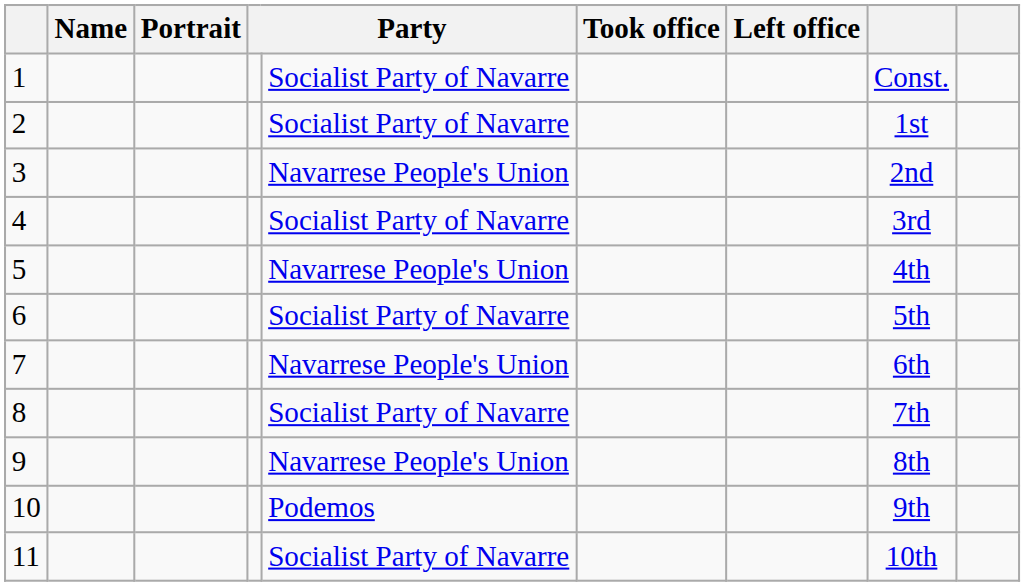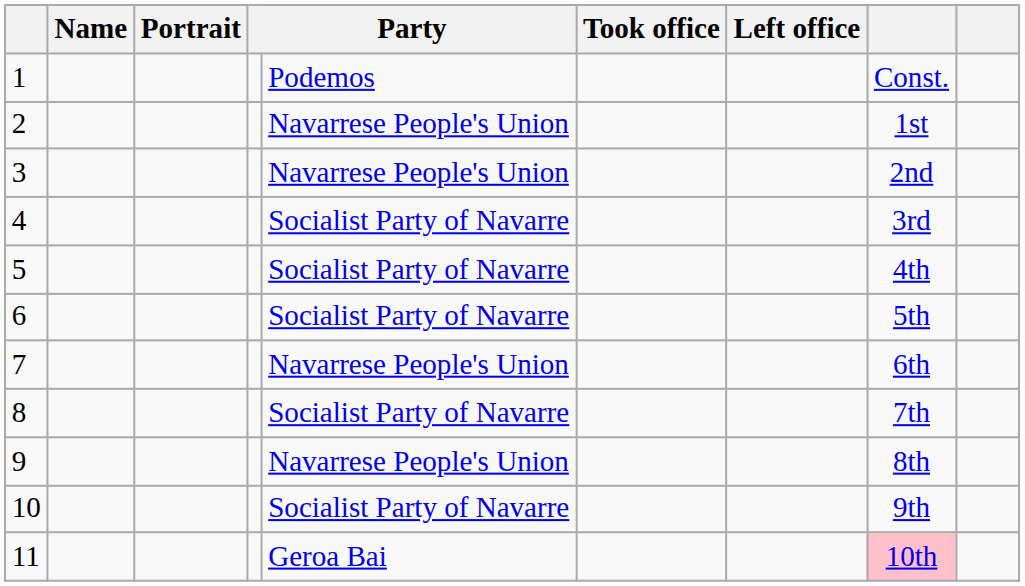 <table class="wikitable plainrowheaders sortable" style="font-size:90%; text-align:left;">
 <tr>
 <th scope=col></th>
 <th scope=col>Name</th>
 <th scope=col class=unsortable>Portrait</th>
 <th scope=col colspan="2">Party</th>
 <th scope=col>Took office</th>
 <th scope=col>Left office</th>
 <th scope=col></th>
 <th scope=col width=25px class=unsortable></th>
 </tr>
 <tr>
 <td>1</td>
 <td style="white-space: nowrap;"></td>
 <td align=center></td>
 <td !align="center" style="background:"></td>
-<td><a href='#'>Socialist Party of Navarre</a></td>
+<td><a href='#'>Podemos</a></td>
 <td align=center></td>
 <td align=center></td>
 <td align=center><a href='#'>Const.</a></td>
 <td align=center></td>
 </tr>
 <tr>
 <td>2</td>
 <td style="white-space: nowrap;"></td>
 <td align=center></td>
 <td !align="center" style="background:"></td>
-<td><a href='#'>Socialist Party of Navarre</a></td>
+<td><a href='#'>Navarrese People's Union</a></td>
 <td align=center></td>
 <td align=center></td>
 <td align=center><a href='#'>1st</a></td>
 <td align=center></td>
 </tr>
 <tr>
 <td>3</td>
 <td style="white-space: nowrap;"></td>
 <td align=center></td>
 <td !align="center" style="background:"></td>
 <td><a href='#'>Navarrese People's Union</a></td>
 <td align=center></td>
 <td align=center></td>
 <td align=center><a href='#'>2nd</a></td>
 <td align=center></td>
 </tr>
 <tr>
 <td>4</td>
 <td style="white-space: nowrap;"></td>
 <td align=center></td>
 <td !align="center" style="background:"></td>
 <td><a href='#'>Socialist Party of Navarre</a></td>
 <td align=center></td>
 <td align=center></td>
 <td align=center><a href='#'>3rd</a></td>
 <td align=center></td>
 </tr>
 <tr>
 <td>5</td>
 <td style="white-space: nowrap;"></td>
 <td align=center></td>
 <td !align="center" style="background:"></td>
-<td><a href='#'>Navarrese People's Union</a></td>
+<td><a href='#'>Socialist Party of Navarre</a></td>
 <td align=center></td>
 <td align=center></td>
 <td align=center><a href='#'>4th</a></td>
 <td align=center></td>
 </tr>
 <tr>
 <td>6</td>
 <td style="white-space: nowrap;"></td>
 <td align=center></td>
 <td !align="center" style="background:"></td>
 <td><a href='#'>Socialist Party of Navarre</a></td>
 <td align=center></td>
 <td align=center></td>
 <td align=center><a href='#'>5th</a></td>
 <td align=center></td>
 </tr>
 <tr>
 <td>7</td>
 <td style="white-space: nowrap;"></td>
 <td align=center></td>
 <td !align="center" style="background:"></td>
 <td><a href='#'>Navarrese People's Union</a></td>
 <td align=center></td>
 <td align=center></td>
 <td align=center><a href='#'>6th</a></td>
 <td align=center></td>
 </tr>
 <tr>
 <td>8</td>
 <td style="white-space: nowrap;"></td>
 <td align=center></td>
 <td !align="center" style="background:"></td>
 <td><a href='#'>Socialist Party of Navarre</a></td>
 <td align=center></td>
 <td align=center></td>
 <td align=center><a href='#'>7th</a></td>
 <td align=center></td>
 </tr>
 <tr>
 <td>9</td>
 <td style="white-space: nowrap;"></td>
 <td align=center></td>
 <td !align="center" style="background:"></td>
 <td><a href='#'>Navarrese People's Union</a></td>
 <td align=center></td>
 <td align=center></td>
 <td align=center><a href='#'>8th</a></td>
 <td align=center></td>
 </tr>
 <tr>
 <td>10</td>
 <td style="white-space: nowrap;"></td>
 <td align=center></td>
 <td !align="center" style="background:"></td>
-<td><a href='#'>Podemos</a></td>
+<td><a href='#'>Socialist Party of Navarre</a></td>
 <td align=center></td>
 <td align=center></td>
 <td align=center><a href='#'>9th</a></td>
 <td align=center></td>
 </tr>
 <tr>
 <td>11</td>
 <td style="white-space: nowrap;"></td>
 <td align=center></td>
 <td !align="center" style="background:"></td>
-<td><a href='#'>Socialist Party of Navarre</a></td>
+<td><a href='#'>Geroa Bai</a></td>
 <td align=center></td>
 <td align=center></td>
-<td align=center><a href='#'>10th</a></td>
+<td align=center style="background: pink;"><a href='#'>10th</a></td>
 <td align=center></td>
 </tr>
 </table>
